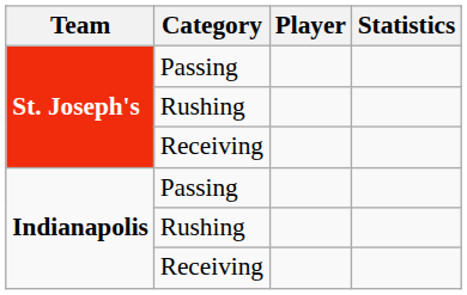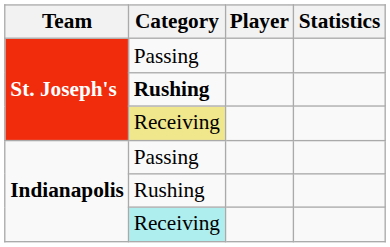 <table class="wikitable" style="float: right;">
 <tr>
 <th>Team</th>
 <th>Category</th>
 <th>Player</th>
 <th>Statistics</th>
 </tr>
 <tr>
 <td rowspan=3 style="background:#f12c0d; color:white; "><strong>St. Joseph's</strong></td>
 <td>Passing</td>
 <td></td>
 <td></td>
 </tr>
 <tr>
-<td>Rushing</td>
+<td><strong>Rushing</strong></td>
 <td></td>
 <td></td>
 </tr>
 <tr>
-<td>Receiving</td>
+<td style="background: khaki;">Receiving</td>
 <td></td>
 <td></td>
 </tr>
 <tr>
 <td rowspan=3><strong>Indianapolis</strong></td>
 <td>Passing</td>
 <td></td>
 <td></td>
 </tr>
 <tr>
 <td>Rushing</td>
 <td></td>
 <td></td>
 </tr>
 <tr>
-<td>Receiving</td>
+<td style="background: paleturquoise;">Receiving</td>
 <td></td>
 <td></td>
 </tr>
 </table>
